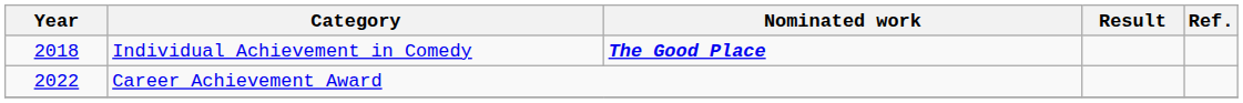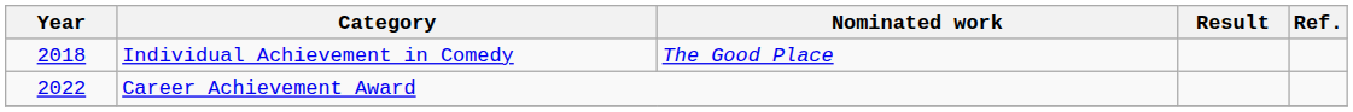 <table class=wikitable>
 <tr>
 <th scope="col" style="width:5em;">Year</th>
 <th scope="col" style="width:26em;">Category</th>
 <th scope="col" style="width:25em;">Nominated work</th>
 <th scope="col" style="width:5em;">Result</th>
 <th>Ref.</th>
 </tr>
 <tr>
 <td style="text-align:center;"><a href='#'>2018</a></td>
 <td><a href='#'>Individual Achievement in Comedy</a></td>
-<td rowspan="1"><strong><em><a href='#'>The Good Place</a></em></strong></td>
+<td rowspan="1"><em><a href='#'>The Good Place</a></em></td>
 <td></td>
 <td></td>
 </tr>
 <tr>
 <td style="text-align:center;"><a href='#'>2022</a></td>
 <td colspan=2><a href='#'>Career Achievement Award</a></td>
 <td></td>
 <td></td>
 </tr>
 <tr>
 </tr>
 </table>
